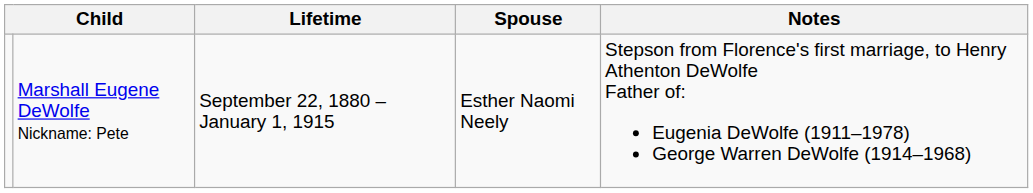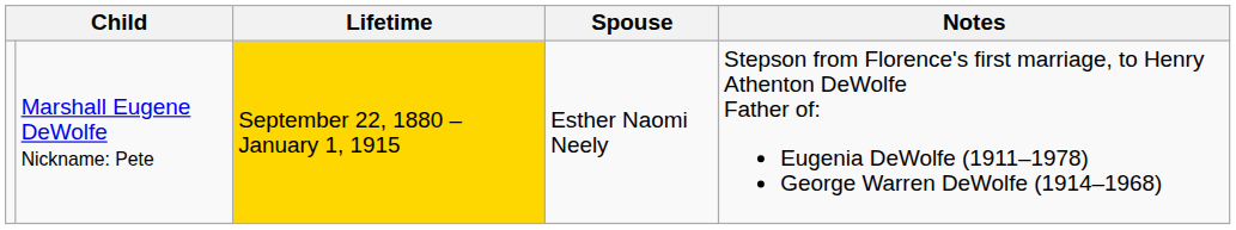 <table class="wikitable">
 <tr>
 <th colspan="2">Child</th>
 <th>Lifetime</th>
 <th>Spouse</th>
 <th>Notes</th>
 </tr>
 <tr>
 <td></td>
 <td><a href='#'>Marshall Eugene DeWolfe</a><br><small>Nickname: Pete</small></td>
-<td>September 22, 1880 – January 1, 1915</td>
+<td style="background: gold;">September 22, 1880 – January 1, 1915</td>
 <td>Esther Naomi Neely</td>
 <td>Stepson from Florence's first marriage, to Henry Athenton DeWolfe<br>Father of:<br><ul><li>Eugenia DeWolfe (1911–1978)</li><li>George Warren DeWolfe (1914–1968)</li></ul></td>
 </tr>
 </table>
